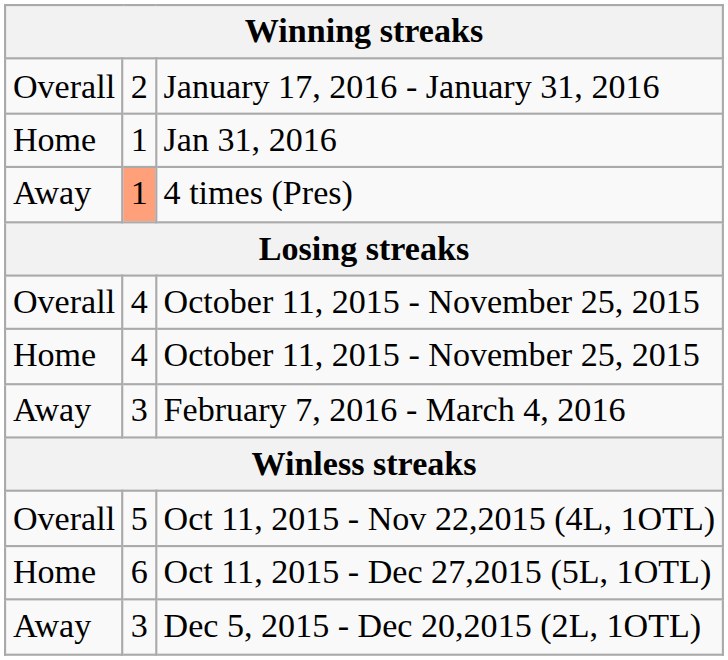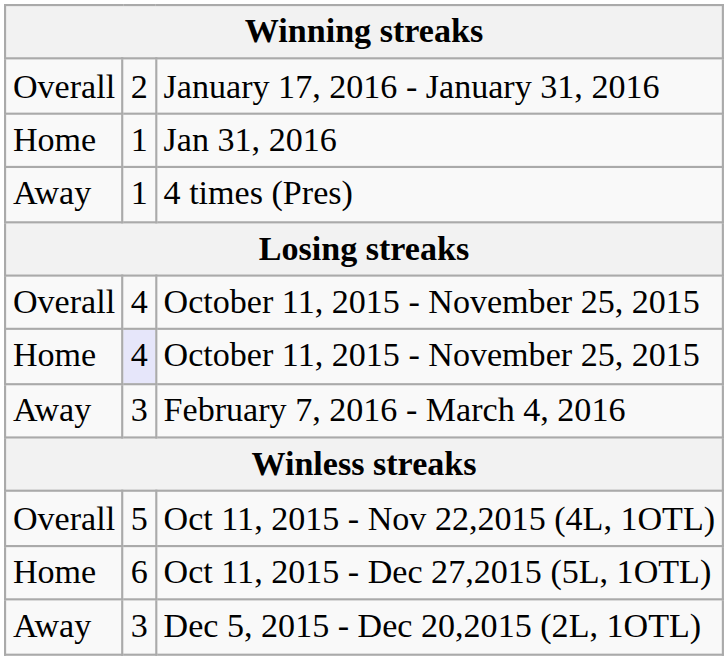 <table class="wikitable">
 <tr>
 <th bgcolor="#DDDDFF" colspan="3" align="left">Winning streaks</th>
 </tr>
 <tr>
 <td>Overall</td>
 <td>2</td>
 <td>January 17, 2016 - January 31, 2016</td>
 </tr>
 <tr>
 <td>Home</td>
 <td>1</td>
 <td>Jan 31, 2016</td>
 </tr>
 <tr>
 <td>Away</td>
-<td style="background: lightsalmon;">1</td>
+<td>1</td>
 <td>4 times (Pres)</td>
 </tr>
 <tr>
 <th bgcolor="#DDDDFF" colspan="3" align="left">Losing streaks</th>
 </tr>
 <tr>
 <td>Overall</td>
 <td>4</td>
 <td>October 11, 2015 - November 25, 2015</td>
 </tr>
 <tr>
 <td>Home</td>
-<td>4</td>
+<td style="background: lavender;">4</td>
 <td>October 11, 2015 - November 25, 2015</td>
 </tr>
 <tr>
 <td>Away</td>
 <td>3</td>
 <td>February 7, 2016 - March 4, 2016</td>
 </tr>
 <tr>
 <th bgcolor="#DDDDFF" colspan="3" align="left">Winless streaks</th>
 </tr>
 <tr>
 <td>Overall</td>
 <td>5</td>
 <td>Oct 11, 2015 - Nov 22,2015 (4L, 1OTL)</td>
 </tr>
 <tr>
 <td>Home</td>
 <td>6</td>
 <td>Oct 11, 2015 - Dec 27,2015 (5L, 1OTL)</td>
 </tr>
 <tr>
 <td>Away</td>
 <td>3</td>
 <td>Dec 5, 2015 - Dec 20,2015 (2L, 1OTL)</td>
 </tr>
 </table>
